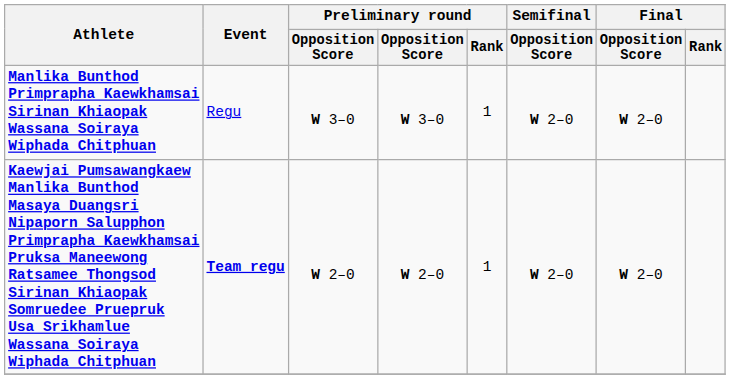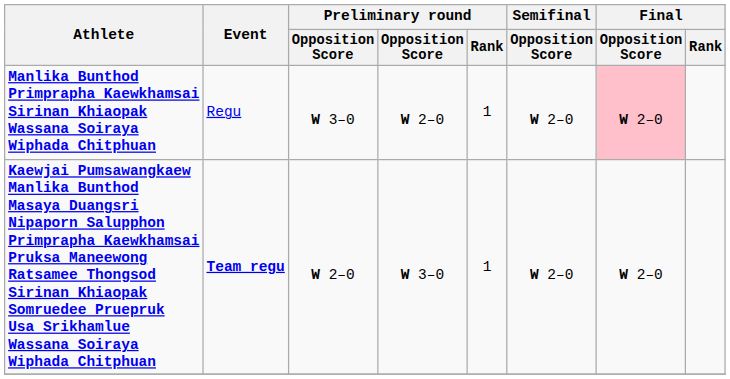 <table class=wikitable style="font-size:90%">
 <tr>
 <th rowspan="2">Athlete</th>
 <th rowspan="2">Event</th>
 <th colspan=3>Preliminary round</th>
 <th>Semifinal</th>
 <th colspan=2>Final</th>
 </tr>
 <tr style="font-size:95%">
 <th>Opposition<br>Score</th>
 <th>Opposition<br>Score</th>
 <th>Rank</th>
 <th>Opposition<br>Score</th>
 <th>Opposition<br>Score</th>
 <th>Rank</th>
 </tr>
 <tr>
 <td><strong><a href='#'>Manlika Bunthod</a><br><a href='#'>Primprapha Kaewkhamsai</a><br><a href='#'>Sirinan Khiaopak</a><br><a href='#'>Wassana Soiraya</a><br><a href='#'>Wiphada Chitphuan</a></strong></td>
 <td><a href='#'>Regu</a></td>
 <td align=center> <br><strong>W</strong> 3–0</td>
-<td align=center> <br><strong>W</strong> 3–0</td>
+<td align=center> <br><strong>W</strong> 2–0</td>
 <td align=center>1 <strong></strong></td>
 <td align=center> <br> <strong>W</strong> 2–0</td>
-<td align=center> <br> <strong>W</strong> 2–0</td>
+<td align=center style="background: pink;"> <br> <strong>W</strong> 2–0</td>
 <td align=center></td>
 </tr>
 <tr>
 <td><strong><a href='#'>Kaewjai Pumsawangkaew</a><br><a href='#'>Manlika Bunthod</a><br><a href='#'>Masaya Duangsri</a><br><a href='#'>Nipaporn Salupphon</a><br><a href='#'>Primprapha Kaewkhamsai</a><br><a href='#'>Pruksa Maneewong</a><br><a href='#'>Ratsamee Thongsod</a><br><a href='#'>Sirinan Khiaopak</a><br><a href='#'>Somruedee Pruepruk</a><br><a href='#'>Usa Srikhamlue</a><br><a href='#'>Wassana Soiraya</a><br><a href='#'>Wiphada Chitphuan</a></strong></td>
 <td><strong><a href='#'>Team regu</a></strong></td>
 <td align=center> <br><strong>W</strong> 2–0</td>
-<td align=center> <br><strong>W</strong> 2–0</td>
+<td align=center> <br><strong>W</strong> 3–0</td>
 <td align=center>1 <strong></strong></td>
 <td align=center> <br> <strong>W</strong> 2–0</td>
 <td align=center> <br> <strong>W</strong> 2–0</td>
 <td align=center></td>
 </tr>
 <tr>
 </tr>
 </table>
